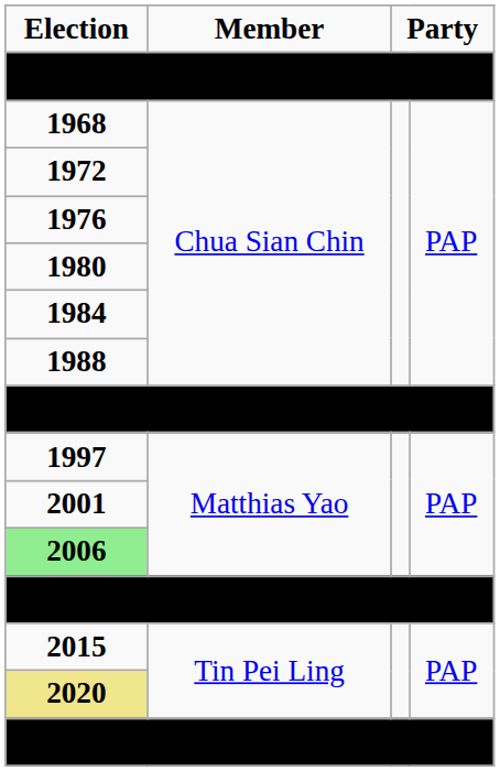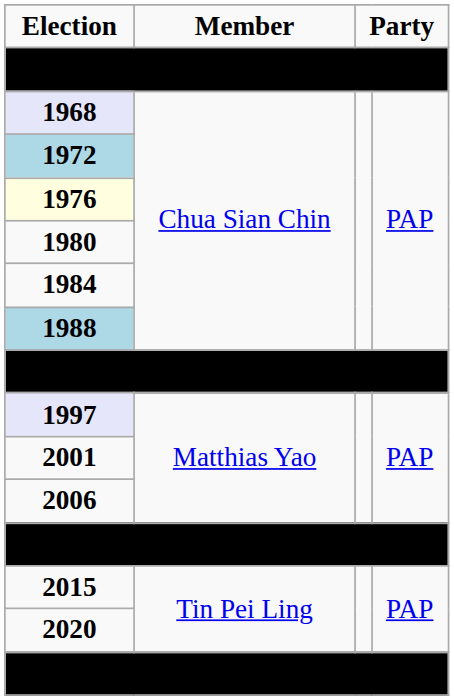 <table class="wikitable" align="center" style="text-align:center">
 <tr>
 <td><strong>Election </strong></td>
 <td><strong>Member</strong></td>
 <td colspan="2"><strong>Party</strong></td>
 </tr>
 <tr>
 <td colspan=4 bgcolor=black><span><strong>Formation</strong></span></td>
 </tr>
 <tr>
-<td><strong>1968</strong></td>
+<td style="background: lavender;"><strong>1968</strong></td>
 <td rowspan="6"><a href='#'>Chua Sian Chin</a></td>
 <td rowspan="6"></td>
 <td rowspan="6"><a href='#'>PAP</a></td>
 </tr>
 <tr>
-<td><strong>1972</strong></td>
+<td style="background: lightblue;"><strong>1972</strong></td>
 </tr>
 <tr>
-<td><strong>1976</strong></td>
+<td style="background: lightyellow;"><strong>1976</strong></td>
 </tr>
 <tr>
 <td><strong>1980</strong></td>
 </tr>
 <tr>
 <td><strong>1984</strong></td>
 </tr>
 <tr>
-<td><strong>1988</strong></td>
+<td style="background: lightblue;"><strong>1988</strong></td>
 </tr>
 <tr>
 <td colspan=4 bgcolor=black><span><strong>Constituency abolished (1991 – 1997)</strong></span></td>
 </tr>
 <tr>
-<td><strong>1997</strong></td>
+<td style="background: lavender;"><strong>1997</strong></td>
 <td rowspan="3"><a href='#'>Matthias Yao</a></td>
 <td rowspan="3"></td>
 <td rowspan="3"><a href='#'>PAP</a></td>
 </tr>
 <tr>
 <td><strong>2001</strong></td>
 </tr>
 <tr>
-<td style="background: lightgreen;"><strong>2006</strong></td>
+<td><strong>2006</strong></td>
 </tr>
 <tr>
 <td colspan=4 bgcolor=black><span><strong>Constituency abolished (2011 – 2015)</strong></span></td>
 </tr>
 <tr>
 <td><strong>2015</strong></td>
 <td rowspan="2"><a href='#'>Tin Pei Ling</a></td>
 <td rowspan="2"></td>
 <td rowspan="2"><a href='#'>PAP</a></td>
 </tr>
 <tr>
-<td style="background: khaki;"><strong>2020</strong></td>
+<td><strong>2020</strong></td>
 </tr>
 <tr>
 <td colspan=4 bgcolor=black><span><strong>Constituency abolished (2025)</strong></span></td>
 </tr>
 </table>
